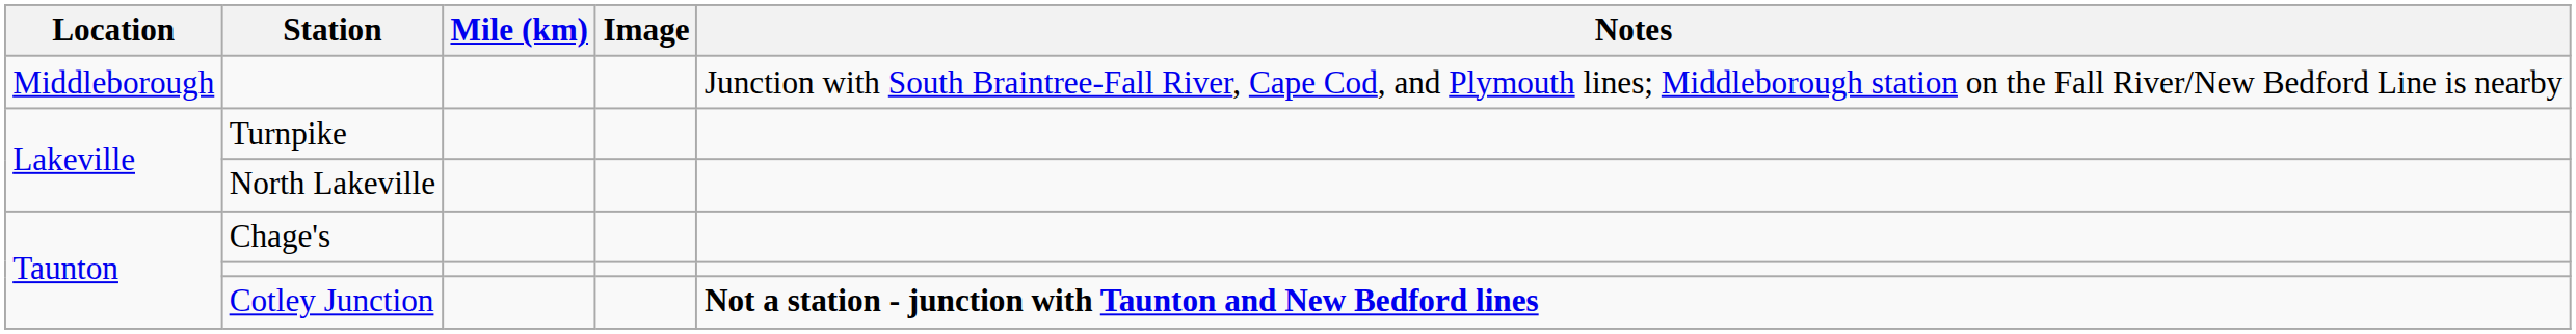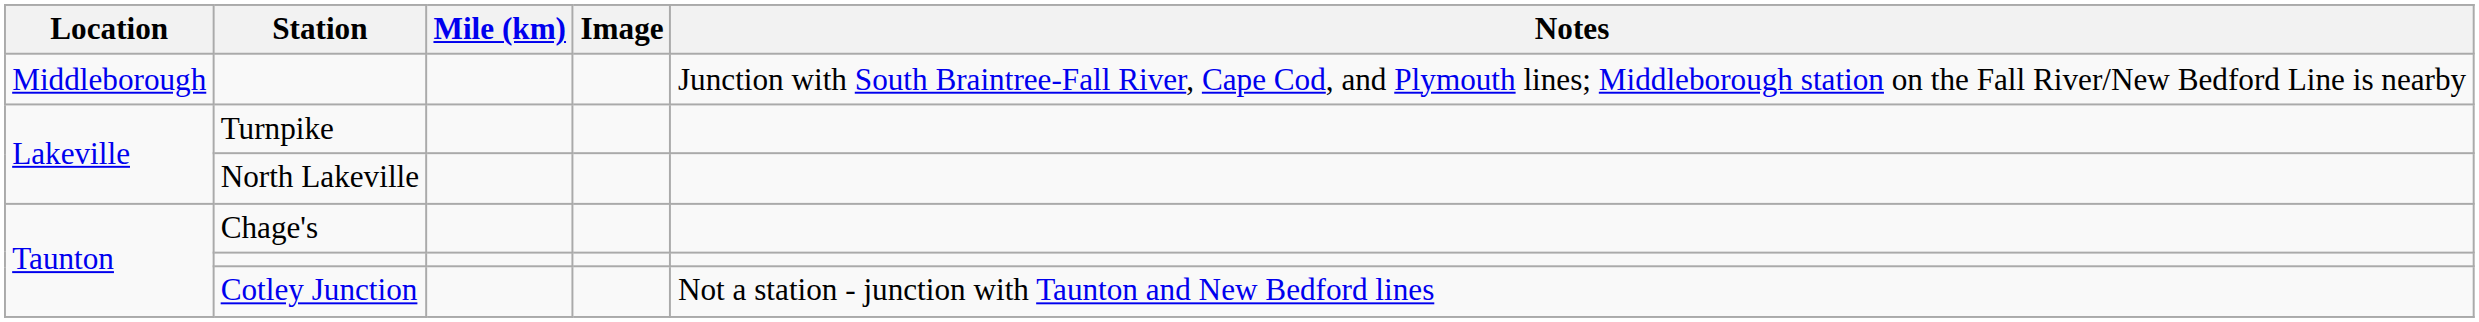 <table class="wikitable">
 <tr>
 <th>Location</th>
 <th>Station</th>
 <th><a href='#'>Mile (km)</a></th>
 <th>Image</th>
 <th>Notes</th>
 </tr>
 <tr>
 <td><a href='#'>Middleborough</a></td>
 <td></td>
 <td></td>
 <td></td>
 <td>Junction with <a href='#'>South Braintree-Fall River</a>, <a href='#'>Cape Cod</a>, and <a href='#'>Plymouth</a> lines; <a href='#'>Middleborough station</a> on the Fall River/New Bedford Line is nearby</td>
 </tr>
 <tr>
 <td rowspan="2"><a href='#'>Lakeville</a></td>
 <td>Turnpike</td>
 <td></td>
 <td></td>
 <td></td>
 </tr>
 <tr>
 <td>North Lakeville</td>
 <td></td>
 <td></td>
 <td></td>
 </tr>
 <tr>
 <td rowspan="3"><a href='#'>Taunton</a></td>
 <td>Chage's</td>
 <td></td>
 <td></td>
 <td></td>
 </tr>
 <tr>
 <td></td>
 <td></td>
 <td></td>
 <td></td>
 </tr>
 <tr>
 <td><a href='#'>Cotley Junction</a></td>
 <td></td>
 <td></td>
-<td><strong>Not a station - junction with <a href='#'>Taunton and New Bedford lines</a></strong></td>
+<td>Not a station - junction with <a href='#'>Taunton and New Bedford lines</a></td>
 </tr>
 </table>
